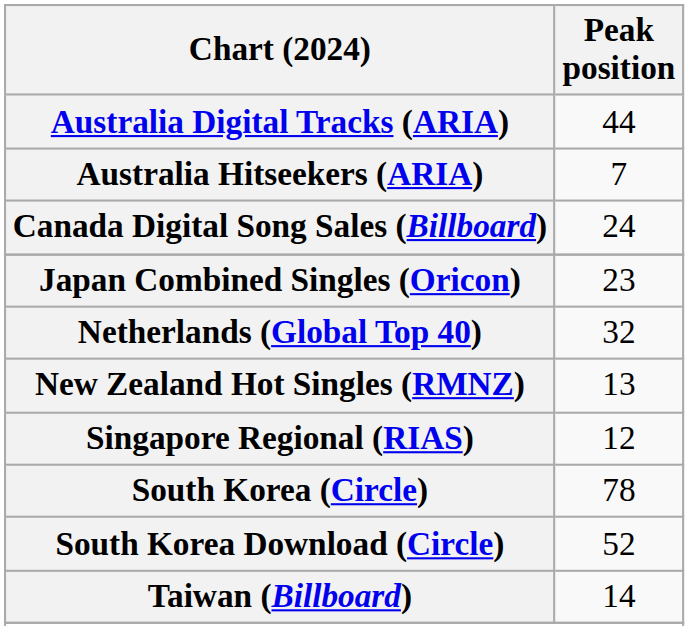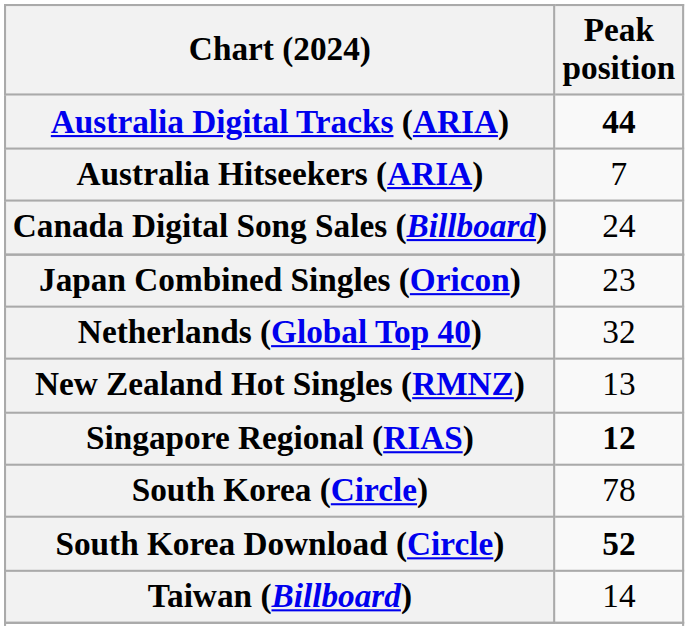 <table class="wikitable plainrowheaders sortable" style="text-align:center">
 <tr>
 <th scope="col">Chart (2024)</th>
 <th scope="col">Peak<br>position</th>
 </tr>
 <tr>
 <th scope="row"><a href='#'>Australia Digital Tracks</a> (<a href='#'>ARIA</a>)</th>
-<td>44</td>
+<td><strong>44</strong></td>
 </tr>
 <tr>
 <th scope="row">Australia Hitseekers (<a href='#'>ARIA</a>)</th>
 <td>7</td>
 </tr>
 <tr>
 <th scope="row">Canada Digital Song Sales (<em><a href='#'>Billboard</a></em>)</th>
 <td>24</td>
 </tr>
 <tr>
 </tr>
 <tr>
 </tr>
 <tr>
 <th scope="row">Japan Combined Singles (<a href='#'>Oricon</a>)</th>
 <td>23</td>
 </tr>
 <tr>
 <th scope="row">Netherlands (<a href='#'>Global Top 40</a>)</th>
 <td>32</td>
 </tr>
 <tr>
 <th scope="row">New Zealand Hot Singles (<a href='#'>RMNZ</a>)</th>
 <td>13</td>
 </tr>
 <tr>
 <th scope="row">Singapore Regional (<a href='#'>RIAS</a>)</th>
-<td>12</td>
+<td><strong>12</strong></td>
 </tr>
 <tr>
 <th scope="row">South Korea  (<a href='#'>Circle</a>)</th>
 <td>78</td>
 </tr>
 <tr>
 <th scope="row">South Korea Download (<a href='#'>Circle</a>)</th>
-<td>52</td>
+<td><strong>52</strong></td>
 </tr>
 <tr>
 <th scope="row">Taiwan (<em><a href='#'>Billboard</a></em>)</th>
 <td>14</td>
 </tr>
 <tr>
 </tr>
 <tr>
 </tr>
 </table>
